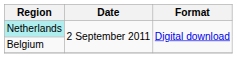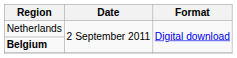 <table class="wikitable">
 <tr>
 <th>Region</th>
 <th>Date</th>
 <th>Format</th>
 </tr>
 <tr>
-<td style="background: paleturquoise;">Netherlands</td>
+<td>Netherlands</td>
 <td rowspan="2">2 September 2011</td>
 <td rowspan="2"><a href='#'>Digital download</a></td>
 </tr>
 <tr>
-<td>Belgium</td>
+<td><strong>Belgium</strong></td>
 </tr>
 <tr>
 </tr>
 </table>
